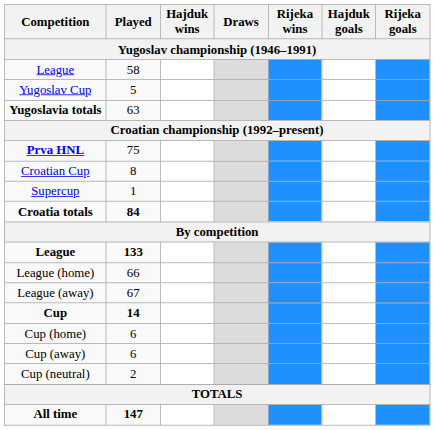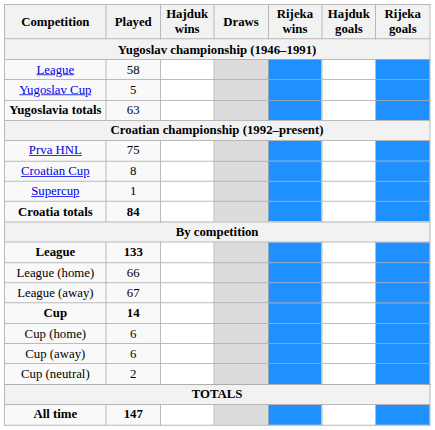 <table class="wikitable" style="text-align: center">
 <tr>
 <th width="120">Competition</th>
 <th width="60">Played</th>
 <th width="60">Hajduk wins</th>
 <th width="60">Draws</th>
 <th width="60">Rijeka wins</th>
 <th width="60">Hajduk goals</th>
 <th width="60">Rijeka goals</th>
 </tr>
 <tr>
 <th colspan="7">Yugoslav championship (1946–1991)</th>
 </tr>
 <tr>
 <td><a href='#'>League</a></td>
 <td>58</td>
 <td bgcolor=#FFFFFF></td>
 <td bgcolor=#DCDCDC></td>
 <td bgcolor=#1E90FF></td>
 <td bgcolor=#FFFFFF></td>
 <td bgcolor=#1E90FF></td>
 </tr>
 <tr>
 <td><a href='#'>Yugoslav Cup</a></td>
 <td>5</td>
 <td bgcolor=#FFFFFF></td>
 <td bgcolor=#DCDCDC></td>
 <td bgcolor=#1E90FF></td>
 <td bgcolor=#FFFFFF></td>
 <td bgcolor=#1E90FF></td>
 </tr>
 <tr>
 <td><strong>Yugoslavia totals</strong></td>
 <td>63</td>
 <td bgcolor=#FFFFFF></td>
 <td bgcolor=#DCDCDC></td>
 <td bgcolor=#1E90FF></td>
 <td bgcolor=#FFFFFF></td>
 <td bgcolor=#1E90FF></td>
 </tr>
 <tr>
 <th colspan="7">Croatian championship (1992–present)</th>
 </tr>
 <tr>
-<td><strong><a href='#'>Prva HNL</a></strong></td>
+<td><a href='#'>Prva HNL</a></td>
 <td>75</td>
 <td bgcolor=#FFFFFF></td>
 <td bgcolor=#DCDCDC></td>
 <td bgcolor=#1E90FF></td>
 <td bgcolor=#FFFFFF></td>
 <td bgcolor=#1E90FF></td>
 </tr>
 <tr>
 <td><a href='#'>Croatian Cup</a></td>
 <td>8</td>
 <td bgcolor=#FFFFFF></td>
 <td bgcolor=#DCDCDC></td>
 <td bgcolor=#1E90FF></td>
 <td bgcolor=#FFFFFF></td>
 <td bgcolor=#1E90FF></td>
 </tr>
 <tr>
 <td><a href='#'>Supercup</a></td>
 <td>1</td>
 <td bgcolor=#FFFFFF></td>
 <td bgcolor=#DCDCDC></td>
 <td bgcolor=#1E90FF></td>
 <td bgcolor=#FFFFFF></td>
 <td bgcolor=#1E90FF></td>
 </tr>
 <tr>
 <td><strong>Croatia totals</strong></td>
 <td><strong>84</strong></td>
 <td bgcolor=#FFFFFF></td>
 <td bgcolor=#DCDCDC></td>
 <td bgcolor=#1E90FF></td>
 <td bgcolor=#FFFFFF></td>
 <td bgcolor=#1E90FF></td>
 </tr>
 <tr bgcolor=#EEEEEE>
 <th colspan="7">By competition</th>
 </tr>
 <tr>
 <td><strong>League</strong></td>
 <td><strong>133</strong></td>
 <td bgcolor=#FFFFFF></td>
 <td bgcolor=#DCDCDC></td>
 <td bgcolor=#1E90FF></td>
 <td bgcolor=#FFFFFF></td>
 <td bgcolor=#1E90FF></td>
 </tr>
 <tr>
 <td>League (home)</td>
 <td>66</td>
 <td bgcolor=#FFFFFF></td>
 <td bgcolor=#DCDCDC></td>
 <td bgcolor=#1E90FF></td>
 <td bgcolor=#FFFFFF></td>
 <td bgcolor=#1E90FF></td>
 </tr>
 <tr>
 <td>League (away)</td>
 <td>67</td>
 <td bgcolor=#FFFFFF></td>
 <td bgcolor=#DCDCDC></td>
 <td bgcolor=#1E90FF></td>
 <td bgcolor=#FFFFFF></td>
 <td bgcolor=#1E90FF></td>
 </tr>
 <tr>
 <td><strong>Cup</strong></td>
 <td><strong>14</strong></td>
 <td bgcolor=#FFFFFF></td>
 <td bgcolor=#DCDCDC></td>
 <td bgcolor=#1E90FF></td>
 <td bgcolor=#FFFFFF></td>
 <td bgcolor=#1E90FF></td>
 </tr>
 <tr>
 <td>Cup (home)</td>
 <td>6</td>
 <td bgcolor=#FFFFFF></td>
 <td bgcolor=#DCDCDC></td>
 <td bgcolor=#1E90FF></td>
 <td bgcolor=#FFFFFF></td>
 <td bgcolor=#1E90FF></td>
 </tr>
 <tr>
 <td>Cup (away)</td>
 <td>6</td>
 <td bgcolor=#FFFFFF></td>
 <td bgcolor=#DCDCDC></td>
 <td bgcolor=#1E90FF></td>
 <td bgcolor=#FFFFFF></td>
 <td bgcolor=#1E90FF></td>
 </tr>
 <tr>
 <td>Cup (neutral)</td>
 <td>2</td>
 <td bgcolor=#FFFFFF></td>
 <td bgcolor=#DCDCDC></td>
 <td bgcolor=#1E90FF></td>
 <td bgcolor=#FFFFFF></td>
 <td bgcolor=#1E90FF></td>
 </tr>
 <tr>
 </tr>
 <tr bgcolor=#EEEEEE>
 <th colspan="7">TOTALS</th>
 </tr>
 <tr>
 <td><strong>All time</strong></td>
 <td><strong>147</strong></td>
 <td bgcolor=#FFFFFF></td>
 <td bgcolor=#DCDCDC></td>
 <td bgcolor=#1E90FF></td>
 <td bgcolor=#FFFFFF></td>
 <td bgcolor=#1E90FF></td>
 </tr>
 </table>
